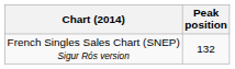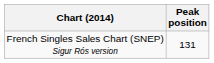 <table class="wikitable sortable plainrowheaders" style="text-align:center">
 <tr>
 <th>Chart (2014)</th>
 <th>Peak<br>position</th>
 </tr>
 <tr>
 <td>French Singles Sales Chart (SNEP)<br><em><small>Sigur Rós version</small></em></td>
-<td style="align:center">132</td>
+<td style="align:center">131</td>
 </tr>
 </table>
